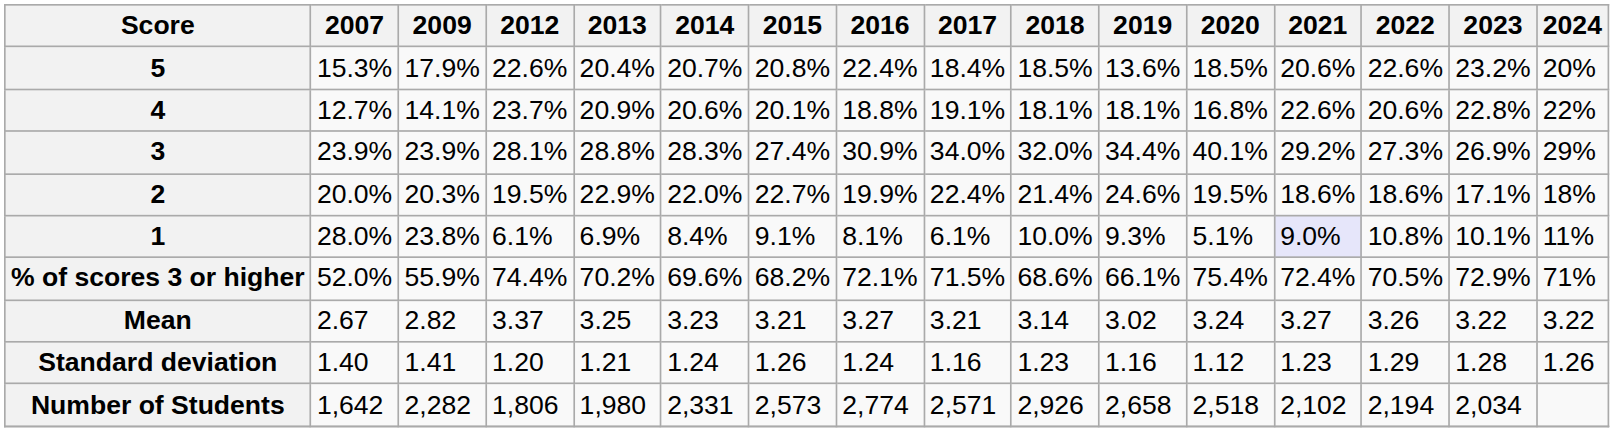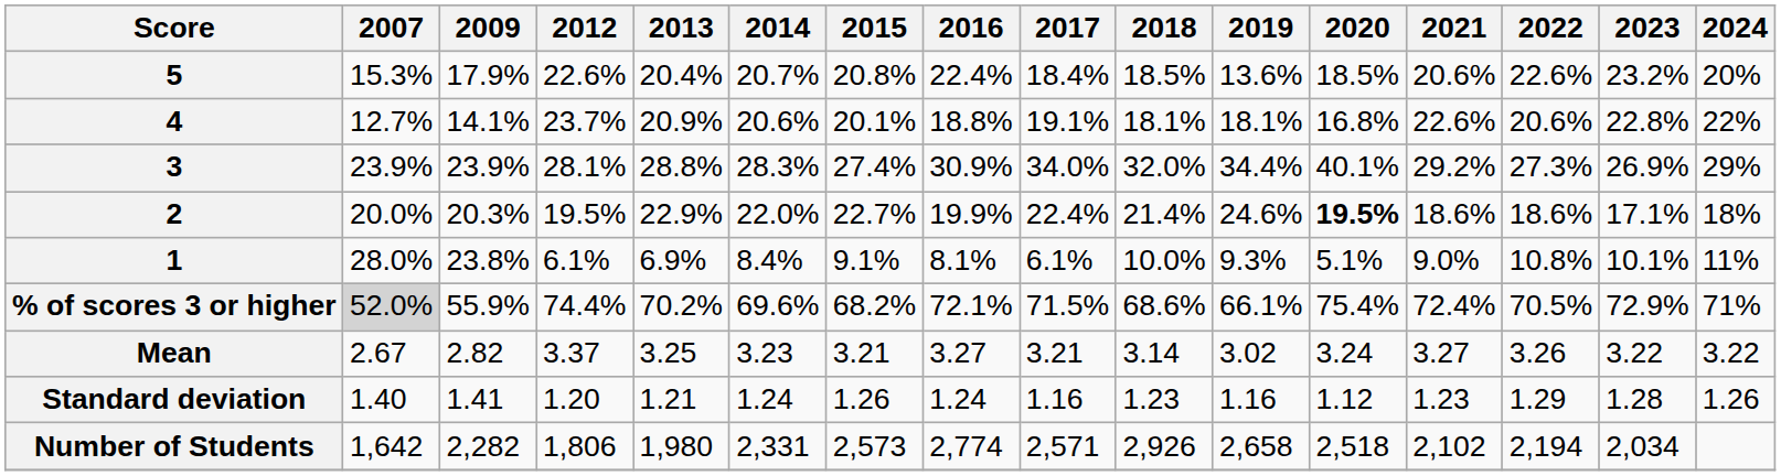 <table class="wikitable">
 <tr>
 <th>Score</th>
 <th>2007</th>
 <th>2009</th>
 <th>2012</th>
 <th>2013</th>
 <th>2014</th>
 <th>2015</th>
 <th>2016</th>
 <th>2017</th>
 <th>2018</th>
 <th>2019</th>
 <th>2020</th>
 <th>2021</th>
 <th>2022</th>
 <th>2023</th>
 <th>2024</th>
 </tr>
 <tr>
 <th>5</th>
 <td>15.3%</td>
 <td>17.9%</td>
 <td>22.6%</td>
 <td>20.4%</td>
 <td>20.7%</td>
 <td>20.8%</td>
 <td>22.4%</td>
 <td>18.4%</td>
 <td>18.5%</td>
 <td>13.6%</td>
 <td>18.5%</td>
 <td>20.6%</td>
 <td>22.6%</td>
 <td>23.2%</td>
 <td>20%</td>
 </tr>
 <tr>
 <th>4</th>
 <td>12.7%</td>
 <td>14.1%</td>
 <td>23.7%</td>
 <td>20.9%</td>
 <td>20.6%</td>
 <td>20.1%</td>
 <td>18.8%</td>
 <td>19.1%</td>
 <td>18.1%</td>
 <td>18.1%</td>
 <td>16.8%</td>
 <td>22.6%</td>
 <td>20.6%</td>
 <td>22.8%</td>
 <td>22%</td>
 </tr>
 <tr>
 <th>3</th>
 <td>23.9%</td>
 <td>23.9%</td>
 <td>28.1%</td>
 <td>28.8%</td>
 <td>28.3%</td>
 <td>27.4%</td>
 <td>30.9%</td>
 <td>34.0%</td>
 <td>32.0%</td>
 <td>34.4%</td>
 <td>40.1%</td>
 <td>29.2%</td>
 <td>27.3%</td>
 <td>26.9%</td>
 <td>29%</td>
 </tr>
 <tr>
 <th>2</th>
 <td>20.0%</td>
 <td>20.3%</td>
 <td>19.5%</td>
 <td>22.9%</td>
 <td>22.0%</td>
 <td>22.7%</td>
 <td>19.9%</td>
 <td>22.4%</td>
 <td>21.4%</td>
 <td>24.6%</td>
-<td>19.5%</td>
+<td><strong>19.5%</strong></td>
 <td>18.6%</td>
 <td>18.6%</td>
 <td>17.1%</td>
 <td>18%</td>
 </tr>
 <tr>
 <th>1</th>
 <td>28.0%</td>
 <td>23.8%</td>
 <td>6.1%</td>
 <td>6.9%</td>
 <td>8.4%</td>
 <td>9.1%</td>
 <td>8.1%</td>
 <td>6.1%</td>
 <td>10.0%</td>
 <td>9.3%</td>
 <td>5.1%</td>
-<td style="background: lavender;">9.0%</td>
+<td>9.0%</td>
 <td>10.8%</td>
 <td>10.1%</td>
 <td>11%</td>
 </tr>
 <tr>
 <th>% of scores 3 or higher</th>
-<td>52.0%</td>
+<td style="background: lightgrey;">52.0%</td>
 <td>55.9%</td>
 <td>74.4%</td>
 <td>70.2%</td>
 <td>69.6%</td>
 <td>68.2%</td>
 <td>72.1%</td>
 <td>71.5%</td>
 <td>68.6%</td>
 <td>66.1%</td>
 <td>75.4%</td>
 <td>72.4%</td>
 <td>70.5%</td>
 <td>72.9%</td>
 <td>71%</td>
 </tr>
 <tr>
 <th>Mean</th>
 <td>2.67</td>
 <td>2.82</td>
 <td>3.37</td>
 <td>3.25</td>
 <td>3.23</td>
 <td>3.21</td>
 <td>3.27</td>
 <td>3.21</td>
 <td>3.14</td>
 <td>3.02</td>
 <td>3.24</td>
 <td>3.27</td>
 <td>3.26</td>
 <td>3.22</td>
 <td>3.22</td>
 </tr>
 <tr>
 <th>Standard deviation</th>
 <td>1.40</td>
 <td>1.41</td>
 <td>1.20</td>
 <td>1.21</td>
 <td>1.24</td>
 <td>1.26</td>
 <td>1.24</td>
 <td>1.16</td>
 <td>1.23</td>
 <td>1.16</td>
 <td>1.12</td>
 <td>1.23</td>
 <td>1.29</td>
 <td>1.28</td>
 <td>1.26</td>
 </tr>
 <tr>
 <th>Number of Students</th>
 <td>1,642</td>
 <td>2,282</td>
 <td>1,806</td>
 <td>1,980</td>
 <td>2,331</td>
 <td>2,573</td>
 <td>2,774</td>
 <td>2,571</td>
 <td>2,926</td>
 <td>2,658</td>
 <td>2,518</td>
 <td>2,102</td>
 <td>2,194</td>
 <td>2,034</td>
 <td></td>
 </tr>
 <tr>
 </tr>
 </table>
